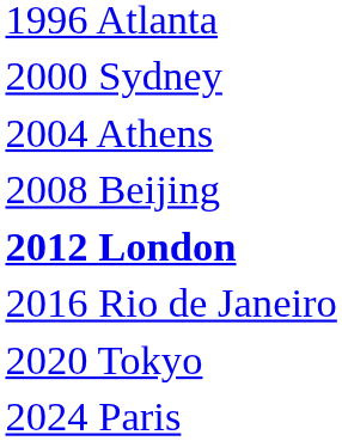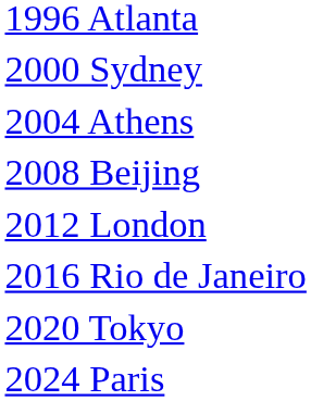 <table>
 <tr valign="top">
 <td><a href='#'>1996 Atlanta</a><br></td>
 <td></td>
 <td></td>
 <td></td>
 </tr>
 <tr valign="top">
 <td><a href='#'>2000 Sydney</a><br></td>
 <td></td>
 <td></td>
 <td></td>
 </tr>
 <tr valign="top">
 <td><a href='#'>2004 Athens</a><br></td>
 <td></td>
 <td></td>
 <td></td>
 </tr>
 <tr valign="top">
 <td><a href='#'>2008 Beijing</a><br></td>
 <td></td>
 <td></td>
 <td></td>
 </tr>
 <tr valign="top">
-<td><strong><a href='#'>2012 London</a><br></strong></td>
+<td><a href='#'>2012 London</a><br></td>
 <td></td>
 <td></td>
 <td></td>
 </tr>
 <tr valign="top">
 <td><a href='#'>2016 Rio de Janeiro</a><br></td>
 <td></td>
 <td></td>
 <td></td>
 </tr>
 <tr valign="top">
 <td><a href='#'>2020 Tokyo</a><br></td>
 <td></td>
 <td></td>
 <td></td>
 </tr>
 <tr valign="top">
 <td><a href='#'>2024 Paris</a><br></td>
 <td></td>
 <td></td>
 <td></td>
 </tr>
 </table>
